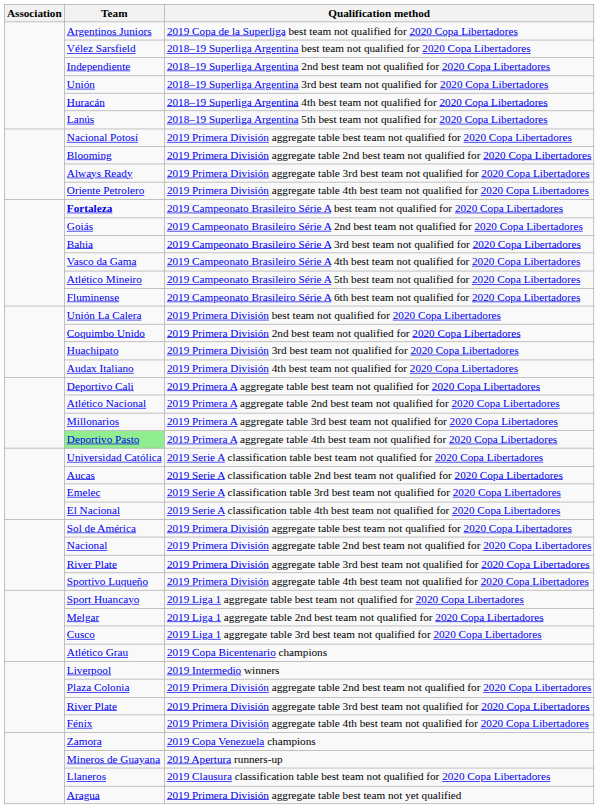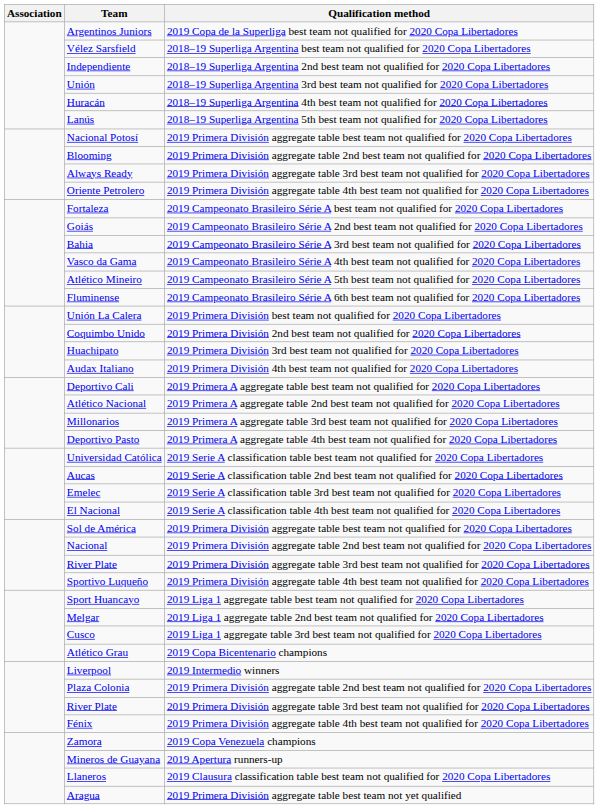 <table class="wikitable">
 <tr>
 <th>Association</th>
 <th>Team </th>
 <th>Qualification method</th>
 </tr>
 <tr>
 <td rowspan=6><br></td>
 <td><a href='#'>Argentinos Juniors</a> </td>
 <td><a href='#'>2019 Copa de la Superliga</a> best team not qualified for <a href='#'>2020 Copa Libertadores</a></td>
 </tr>
 <tr>
 <td><a href='#'>Vélez Sarsfield</a> </td>
 <td><a href='#'>2018–19 Superliga Argentina</a> best team not qualified for <a href='#'>2020 Copa Libertadores</a></td>
 </tr>
 <tr>
 <td><a href='#'>Independiente</a> </td>
 <td><a href='#'>2018–19 Superliga Argentina</a> 2nd best team not qualified for <a href='#'>2020 Copa Libertadores</a></td>
 </tr>
 <tr>
 <td><a href='#'>Unión</a> </td>
 <td><a href='#'>2018–19 Superliga Argentina</a> 3rd best team not qualified for <a href='#'>2020 Copa Libertadores</a></td>
 </tr>
 <tr>
 <td><a href='#'>Huracán</a> </td>
 <td><a href='#'>2018–19 Superliga Argentina</a> 4th best team not qualified for <a href='#'>2020 Copa Libertadores</a></td>
 </tr>
 <tr>
 <td><a href='#'>Lanús</a> </td>
 <td><a href='#'>2018–19 Superliga Argentina</a> 5th best team not qualified for <a href='#'>2020 Copa Libertadores</a></td>
 </tr>
 <tr>
 <td rowspan=4><br></td>
 <td><a href='#'>Nacional Potosí</a> </td>
 <td><a href='#'>2019 Primera División</a> aggregate table best team not qualified for <a href='#'>2020 Copa Libertadores</a></td>
 </tr>
 <tr>
 <td><a href='#'>Blooming</a> </td>
 <td><a href='#'>2019 Primera División</a> aggregate table 2nd best team not qualified for <a href='#'>2020 Copa Libertadores</a></td>
 </tr>
 <tr>
 <td><a href='#'>Always Ready</a> </td>
 <td><a href='#'>2019 Primera División</a> aggregate table 3rd best team not qualified for <a href='#'>2020 Copa Libertadores</a></td>
 </tr>
 <tr>
 <td><a href='#'>Oriente Petrolero</a> </td>
 <td><a href='#'>2019 Primera División</a> aggregate table 4th best team not qualified for <a href='#'>2020 Copa Libertadores</a></td>
 </tr>
 <tr>
 <td rowspan=6><br></td>
-<td><strong><a href='#'>Fortaleza</a> </strong></td>
+<td><a href='#'>Fortaleza</a> </td>
 <td><a href='#'>2019 Campeonato Brasileiro Série A</a> best team not qualified for <a href='#'>2020 Copa Libertadores</a></td>
 </tr>
 <tr>
 <td><a href='#'>Goiás</a> </td>
 <td><a href='#'>2019 Campeonato Brasileiro Série A</a> 2nd best team not qualified for <a href='#'>2020 Copa Libertadores</a></td>
 </tr>
 <tr>
 <td><a href='#'>Bahia</a> </td>
 <td><a href='#'>2019 Campeonato Brasileiro Série A</a> 3rd best team not qualified for <a href='#'>2020 Copa Libertadores</a></td>
 </tr>
 <tr>
 <td><a href='#'>Vasco da Gama</a> </td>
 <td><a href='#'>2019 Campeonato Brasileiro Série A</a> 4th best team not qualified for <a href='#'>2020 Copa Libertadores</a></td>
 </tr>
 <tr>
 <td><a href='#'>Atlético Mineiro</a> </td>
 <td><a href='#'>2019 Campeonato Brasileiro Série A</a> 5th best team not qualified for <a href='#'>2020 Copa Libertadores</a></td>
 </tr>
 <tr>
 <td><a href='#'>Fluminense</a> </td>
 <td><a href='#'>2019 Campeonato Brasileiro Série A</a> 6th best team not qualified for <a href='#'>2020 Copa Libertadores</a></td>
 </tr>
 <tr>
 <td rowspan=4><br></td>
 <td><a href='#'>Unión La Calera</a> </td>
 <td><a href='#'>2019 Primera División</a> best team not qualified for <a href='#'>2020 Copa Libertadores</a></td>
 </tr>
 <tr>
 <td><a href='#'>Coquimbo Unido</a> </td>
 <td><a href='#'>2019 Primera División</a> 2nd best team not qualified for <a href='#'>2020 Copa Libertadores</a></td>
 </tr>
 <tr>
 <td><a href='#'>Huachipato</a> </td>
 <td><a href='#'>2019 Primera División</a> 3rd best team not qualified for <a href='#'>2020 Copa Libertadores</a></td>
 </tr>
 <tr>
 <td><a href='#'>Audax Italiano</a> </td>
 <td><a href='#'>2019 Primera División</a> 4th best team not qualified for <a href='#'>2020 Copa Libertadores</a></td>
 </tr>
 <tr>
 <td rowspan=4><br></td>
 <td><a href='#'>Deportivo Cali</a> </td>
 <td><a href='#'>2019 Primera A</a> aggregate table best team not qualified for <a href='#'>2020 Copa Libertadores</a></td>
 </tr>
 <tr>
 <td><a href='#'>Atlético Nacional</a> </td>
 <td><a href='#'>2019 Primera A</a> aggregate table 2nd best team not qualified for <a href='#'>2020 Copa Libertadores</a></td>
 </tr>
 <tr>
 <td><a href='#'>Millonarios</a> </td>
 <td><a href='#'>2019 Primera A</a> aggregate table 3rd best team not qualified for <a href='#'>2020 Copa Libertadores</a></td>
 </tr>
 <tr>
-<td style="background: lightgreen;"><a href='#'>Deportivo Pasto</a> </td>
+<td><a href='#'>Deportivo Pasto</a> </td>
 <td><a href='#'>2019 Primera A</a> aggregate table 4th best team not qualified for <a href='#'>2020 Copa Libertadores</a></td>
 </tr>
 <tr>
 <td rowspan=4><br></td>
 <td><a href='#'>Universidad Católica</a> </td>
 <td><a href='#'>2019 Serie A</a> classification table best team not qualified for <a href='#'>2020 Copa Libertadores</a></td>
 </tr>
 <tr>
 <td><a href='#'>Aucas</a> </td>
 <td><a href='#'>2019 Serie A</a> classification table 2nd best team not qualified for <a href='#'>2020 Copa Libertadores</a></td>
 </tr>
 <tr>
 <td><a href='#'>Emelec</a> </td>
 <td><a href='#'>2019 Serie A</a> classification table 3rd best team not qualified for <a href='#'>2020 Copa Libertadores</a></td>
 </tr>
 <tr>
 <td><a href='#'>El Nacional</a> </td>
 <td><a href='#'>2019 Serie A</a> classification table 4th best team not qualified for <a href='#'>2020 Copa Libertadores</a></td>
 </tr>
 <tr>
 <td rowspan=4><br></td>
 <td><a href='#'>Sol de América</a> </td>
 <td><a href='#'>2019 Primera División</a> aggregate table best team not qualified for <a href='#'>2020 Copa Libertadores</a></td>
 </tr>
 <tr>
 <td><a href='#'>Nacional</a> </td>
 <td><a href='#'>2019 Primera División</a> aggregate table 2nd best team not qualified for <a href='#'>2020 Copa Libertadores</a></td>
 </tr>
 <tr>
 <td><a href='#'>River Plate</a> </td>
 <td><a href='#'>2019 Primera División</a> aggregate table 3rd best team not qualified for <a href='#'>2020 Copa Libertadores</a></td>
 </tr>
 <tr>
 <td><a href='#'>Sportivo Luqueño</a> </td>
 <td><a href='#'>2019 Primera División</a> aggregate table 4th best team not qualified for <a href='#'>2020 Copa Libertadores</a></td>
 </tr>
 <tr>
 <td rowspan=4><br></td>
 <td><a href='#'>Sport Huancayo</a> </td>
 <td><a href='#'>2019 Liga 1</a> aggregate table best team not qualified for <a href='#'>2020 Copa Libertadores</a></td>
 </tr>
 <tr>
 <td><a href='#'>Melgar</a> </td>
 <td><a href='#'>2019 Liga 1</a> aggregate table 2nd best team not qualified for <a href='#'>2020 Copa Libertadores</a></td>
 </tr>
 <tr>
 <td><a href='#'>Cusco</a> </td>
 <td><a href='#'>2019 Liga 1</a> aggregate table 3rd best team not qualified for <a href='#'>2020 Copa Libertadores</a></td>
 </tr>
 <tr>
 <td><a href='#'>Atlético Grau</a> </td>
 <td><a href='#'>2019 Copa Bicentenario</a> champions</td>
 </tr>
 <tr>
 <td rowspan=4><br></td>
 <td><a href='#'>Liverpool</a> </td>
 <td><a href='#'>2019 Intermedio</a> winners</td>
 </tr>
 <tr>
 <td><a href='#'>Plaza Colonia</a> </td>
 <td><a href='#'>2019 Primera División</a> aggregate table 2nd best team not qualified for <a href='#'>2020 Copa Libertadores</a></td>
 </tr>
 <tr>
 <td><a href='#'>River Plate</a> </td>
 <td><a href='#'>2019 Primera División</a> aggregate table 3rd best team not qualified for <a href='#'>2020 Copa Libertadores</a></td>
 </tr>
 <tr>
 <td><a href='#'>Fénix</a> </td>
 <td><a href='#'>2019 Primera División</a> aggregate table 4th best team not qualified for <a href='#'>2020 Copa Libertadores</a></td>
 </tr>
 <tr>
 <td rowspan=4><br></td>
 <td><a href='#'>Zamora</a> </td>
 <td><a href='#'>2019 Copa Venezuela</a> champions</td>
 </tr>
 <tr>
 <td><a href='#'>Mineros de Guayana</a> </td>
 <td><a href='#'>2019 Apertura</a> runners-up</td>
 </tr>
 <tr>
 <td><a href='#'>Llaneros</a> </td>
 <td><a href='#'>2019 Clausura</a> classification table best team not qualified for <a href='#'>2020 Copa Libertadores</a></td>
 </tr>
 <tr>
 <td><a href='#'>Aragua</a> </td>
 <td><a href='#'>2019 Primera División</a> aggregate table best team not yet qualified</td>
 </tr>
 </table>
